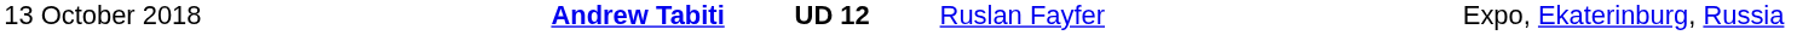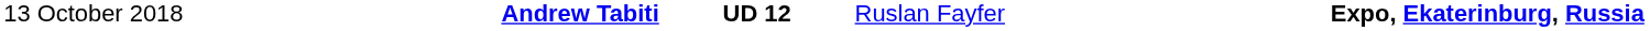 <table cellspacing="1" style="width:100%;">
 <tr>
 <th width="15%"></th>
 <th width="25%"></th>
 <th width="10%"></th>
 <th width="25%"></th>
 </tr>
 <tr style="font-size:100%">
 <td align="right">13 October 2018</td>
 <td align="right"><strong><a href='#'>Andrew Tabiti</a></strong></td>
 <td align="center"><strong>UD 12</strong></td>
 <td> <a href='#'>Ruslan Fayfer</a></td>
-<td>Expo, <a href='#'>Ekaterinburg</a>, <a href='#'>Russia</a></td>
+<td><strong>Expo, <a href='#'>Ekaterinburg</a>, <a href='#'>Russia</a></strong></td>
 </tr>
 </table>
